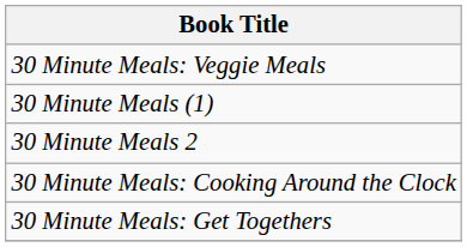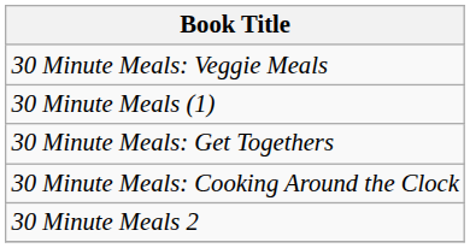 <table class="wikitable">
 <tr>
 <th>Book Title</th>
 </tr>
 <tr>
 <td><em>30 Minute Meals: Veggie Meals</em></td>
 </tr>
 <tr>
 <td><em>30 Minute Meals (1)</em></td>
 </tr>
 <tr>
-<td><em>30 Minute Meals 2</em></td>
+<td><em>30 Minute Meals: Get Togethers</em></td>
 </tr>
 <tr>
 <td><em>30 Minute Meals: Cooking Around the Clock</em></td>
 </tr>
 <tr>
-<td><em>30 Minute Meals: Get Togethers</em></td>
+<td><em>30 Minute Meals 2</em></td>
 </tr>
 <tr>
 </tr>
 </table>
